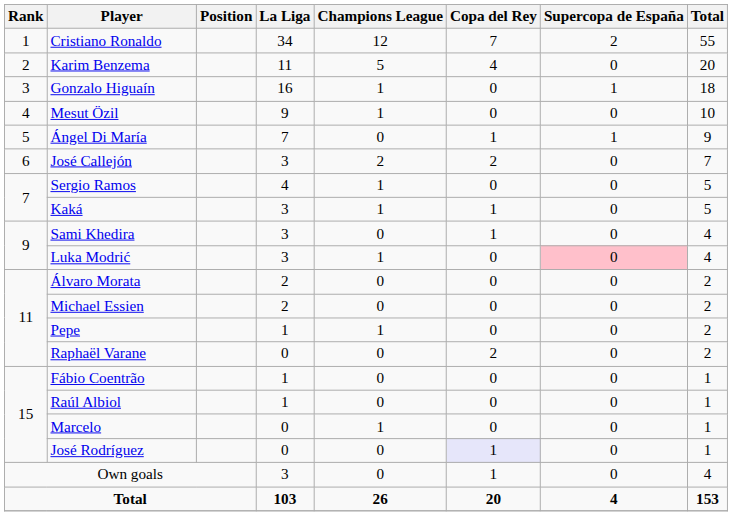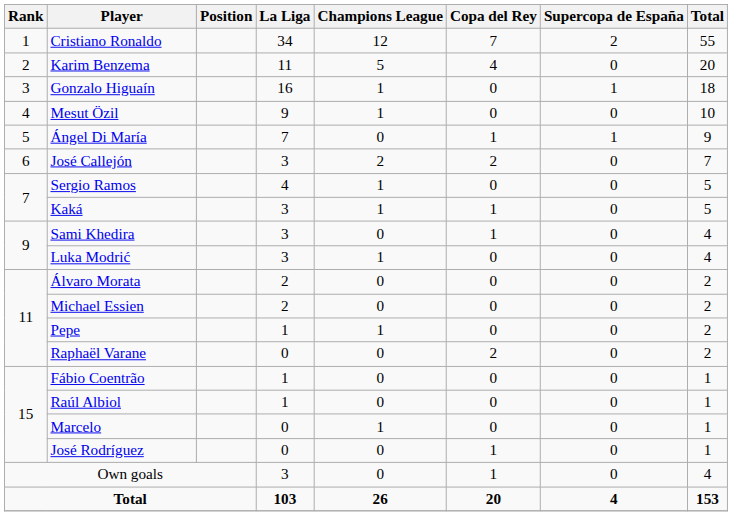 <table class="wikitable">
 <tr>
 <th>Rank</th>
 <th style="width:150px;">Player</th>
 <th>Position</th>
 <th>La Liga</th>
 <th>Champions League</th>
 <th>Copa del Rey</th>
 <th>Supercopa de España</th>
 <th>Total</th>
 </tr>
 <tr>
 <td align=center>1</td>
 <td> <a href='#'>Cristiano Ronaldo</a></td>
 <td align=center></td>
 <td align=center>34</td>
 <td align=center>12</td>
 <td align=center>7</td>
 <td align=center>2</td>
 <td align=center>55</td>
 </tr>
 <tr>
 <td align=center>2</td>
 <td> <a href='#'>Karim Benzema</a></td>
 <td align=center></td>
 <td align=center>11</td>
 <td align=center>5</td>
 <td align=center>4</td>
 <td align=center>0</td>
 <td align=center>20</td>
 </tr>
 <tr>
 <td align=center>3</td>
 <td> <a href='#'>Gonzalo Higuaín</a></td>
 <td align=center></td>
 <td align=center>16</td>
 <td align=center>1</td>
 <td align=center>0</td>
 <td align=center>1</td>
 <td align=center>18</td>
 </tr>
 <tr>
 <td align=center>4</td>
 <td> <a href='#'>Mesut Özil</a></td>
 <td align=center></td>
 <td align=center>9</td>
 <td align=center>1</td>
 <td align=center>0</td>
 <td align=center>0</td>
 <td align=center>10</td>
 </tr>
 <tr>
 <td align=center>5</td>
 <td> <a href='#'>Ángel Di María</a></td>
 <td align=center></td>
 <td align=center>7</td>
 <td align=center>0</td>
 <td align=center>1</td>
 <td align=center>1</td>
 <td align=center>9</td>
 </tr>
 <tr>
 <td align=center>6</td>
 <td> <a href='#'>José Callejón</a></td>
 <td align=center></td>
 <td align=center>3</td>
 <td align=center>2</td>
 <td align=center>2</td>
 <td align=center>0</td>
 <td align=center>7</td>
 </tr>
 <tr>
 <td align=center rowspan=2>7</td>
 <td> <a href='#'>Sergio Ramos</a></td>
 <td align=center></td>
 <td align=center>4</td>
 <td align=center>1</td>
 <td align=center>0</td>
 <td align=center>0</td>
 <td align=center>5</td>
 </tr>
 <tr>
 <td> <a href='#'>Kaká</a></td>
 <td align=center></td>
 <td align=center>3</td>
 <td align=center>1</td>
 <td align=center>1</td>
 <td align=center>0</td>
 <td align=center>5</td>
 </tr>
 <tr>
 <td align=center rowspan=2>9</td>
 <td> <a href='#'>Sami Khedira</a></td>
 <td align=center></td>
 <td align=center>3</td>
 <td align=center>0</td>
 <td align=center>1</td>
 <td align=center>0</td>
 <td align=center>4</td>
 </tr>
 <tr>
 <td> <a href='#'>Luka Modrić</a></td>
 <td align=center></td>
 <td align=center>3</td>
 <td align=center>1</td>
 <td align=center>0</td>
-<td align=center style="background: pink;">0</td>
+<td align=center>0</td>
 <td align=center>4</td>
 </tr>
 <tr>
 <td align=center rowspan=4>11</td>
 <td> <a href='#'>Álvaro Morata</a></td>
 <td align=center></td>
 <td align=center>2</td>
 <td align=center>0</td>
 <td align=center>0</td>
 <td align=center>0</td>
 <td align=center>2</td>
 </tr>
 <tr>
 <td> <a href='#'>Michael Essien</a></td>
 <td align=center></td>
 <td align=center>2</td>
 <td align=center>0</td>
 <td align=center>0</td>
 <td align=center>0</td>
 <td align=center>2</td>
 </tr>
 <tr>
 <td> <a href='#'>Pepe</a></td>
 <td align=center></td>
 <td align=center>1</td>
 <td align=center>1</td>
 <td align=center>0</td>
 <td align=center>0</td>
 <td align=center>2</td>
 </tr>
 <tr>
 <td> <a href='#'>Raphaël Varane</a></td>
 <td align=center></td>
 <td align=center>0</td>
 <td align=center>0</td>
 <td align=center>2</td>
 <td align=center>0</td>
 <td align=center>2</td>
 </tr>
 <tr>
 <td align=center rowspan=4>15</td>
 <td> <a href='#'>Fábio Coentrão</a></td>
 <td align=center></td>
 <td align=center>1</td>
 <td align=center>0</td>
 <td align=center>0</td>
 <td align=center>0</td>
 <td align=center>1</td>
 </tr>
 <tr>
 <td> <a href='#'>Raúl Albiol</a></td>
 <td align=center></td>
 <td align=center>1</td>
 <td align=center>0</td>
 <td align=center>0</td>
 <td align=center>0</td>
 <td align=center>1</td>
 </tr>
 <tr>
 <td> <a href='#'>Marcelo</a></td>
 <td align=center></td>
 <td align=center>0</td>
 <td align=center>1</td>
 <td align=center>0</td>
 <td align=center>0</td>
 <td align=center>1</td>
 </tr>
 <tr>
 <td> <a href='#'>José Rodríguez</a></td>
 <td align=center></td>
 <td align=center>0</td>
 <td align=center>0</td>
-<td align=center style="background: lavender;">1</td>
+<td align=center>1</td>
 <td align=center>0</td>
 <td align=center>1</td>
 </tr>
 <tr>
 <td align=center colspan=3>Own goals</td>
 <td align=center>3</td>
 <td align=center>0</td>
 <td align=center>1</td>
 <td align=center>0</td>
 <td align=center>4</td>
 </tr>
 <tr>
 <td align=center colspan=3><strong>Total</strong></td>
 <td align=center><strong>103</strong></td>
 <td align=center><strong>26</strong></td>
 <td align=center><strong>20</strong></td>
 <td align=center><strong>4</strong></td>
 <td align=center><strong>153</strong></td>
 </tr>
 <tr>
 </tr>
 </table>
